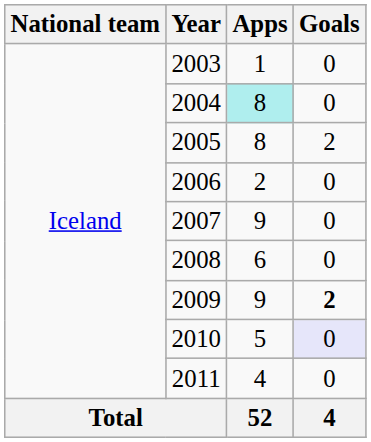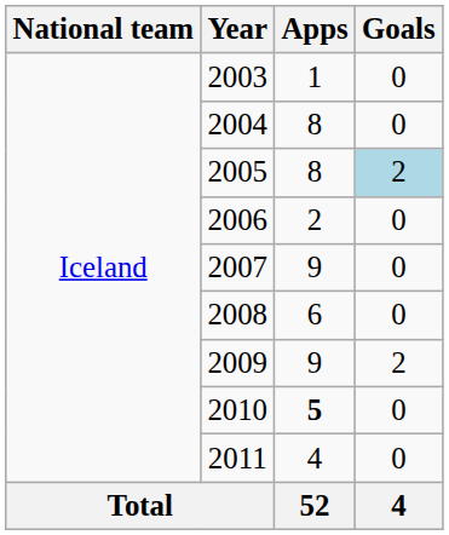 <table class=wikitable style="text-align: center">
 <tr>
 <th>National team</th>
 <th>Year</th>
 <th>Apps</th>
 <th>Goals</th>
 </tr>
 <tr>
 <td rowspan=9><a href='#'>Iceland</a></td>
 <td>2003</td>
 <td>1</td>
 <td>0</td>
 </tr>
 <tr>
 <td>2004</td>
-<td style="background: paleturquoise;">8</td>
+<td>8</td>
 <td>0</td>
 </tr>
 <tr>
 <td>2005</td>
 <td>8</td>
-<td>2</td>
+<td style="background: lightblue;">2</td>
 </tr>
 <tr>
 <td>2006</td>
 <td>2</td>
 <td>0</td>
 </tr>
 <tr>
 <td>2007</td>
 <td>9</td>
 <td>0</td>
 </tr>
 <tr>
 <td>2008</td>
 <td>6</td>
 <td>0</td>
 </tr>
 <tr>
 <td>2009</td>
 <td>9</td>
-<td><strong>2</strong></td>
+<td>2</td>
 </tr>
 <tr>
 <td>2010</td>
-<td>5</td>
-<td style="background: lavender;">0</td>
+<td><strong>5</strong></td>
+<td>0</td>
 </tr>
 <tr>
 <td>2011</td>
 <td>4</td>
 <td>0</td>
 </tr>
 <tr>
 <th colspan=2>Total</th>
 <th>52</th>
 <th>4</th>
 </tr>
 </table>
